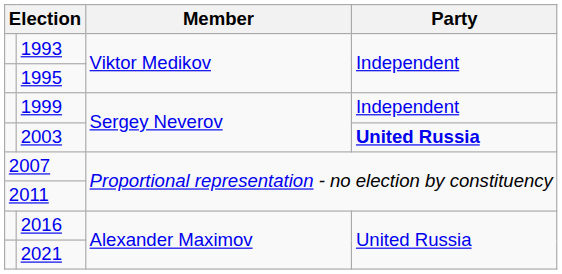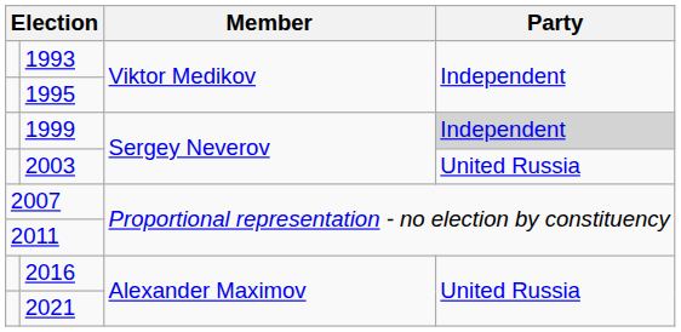 <table class="wikitable">
 <tr>
 <th colspan="2">Election</th>
 <th>Member</th>
 <th>Party</th>
 </tr>
 <tr>
 <td style="background-color:"></td>
 <td><a href='#'>1993</a></td>
 <td rowspan=2><a href='#'>Viktor Medikov</a></td>
 <td rowspan=2><a href='#'>Independent</a></td>
 </tr>
 <tr>
 <td style="background-color:"></td>
 <td><a href='#'>1995</a></td>
 </tr>
 <tr>
 <td style="background-color:"></td>
 <td><a href='#'>1999</a></td>
 <td rowspan=2><a href='#'>Sergey Neverov</a></td>
-<td><a href='#'>Independent</a></td>
+<td style="background: lightgrey;"><a href='#'>Independent</a></td>
 </tr>
 <tr>
 <td style="background-color:"></td>
 <td><a href='#'>2003</a></td>
-<td><strong><a href='#'>United Russia</a></strong></td>
+<td><a href='#'>United Russia</a></td>
 </tr>
 <tr>
 <td colspan=2><a href='#'>2007</a></td>
 <td colspan=2 rowspan=2><em><a href='#'>Proportional representation</a> - no election by constituency</em></td>
 </tr>
 <tr>
 <td colspan=2><a href='#'>2011</a></td>
 </tr>
 <tr>
 <td style="background-color: "></td>
 <td><a href='#'>2016</a></td>
 <td rowspan=2><a href='#'>Alexander Maximov</a></td>
 <td rowspan=2><a href='#'>United Russia</a></td>
 </tr>
 <tr>
 <td style="background-color: "></td>
 <td><a href='#'>2021</a></td>
 </tr>
 </table>
